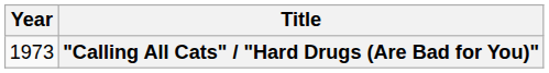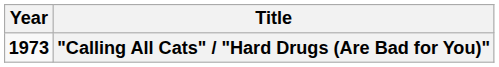 <table class="wikitable plainrowheaders" style="text-align:center;" border="1">
 <tr>
 <th>Year</th>
 <th>Title</th>
 </tr>
 <tr>
-<td>1973</td>
+<td><strong>1973</strong></td>
 <th scope="row">"Calling All Cats" / "Hard Drugs (Are Bad for You)"</th>
 </tr>
 </table>
